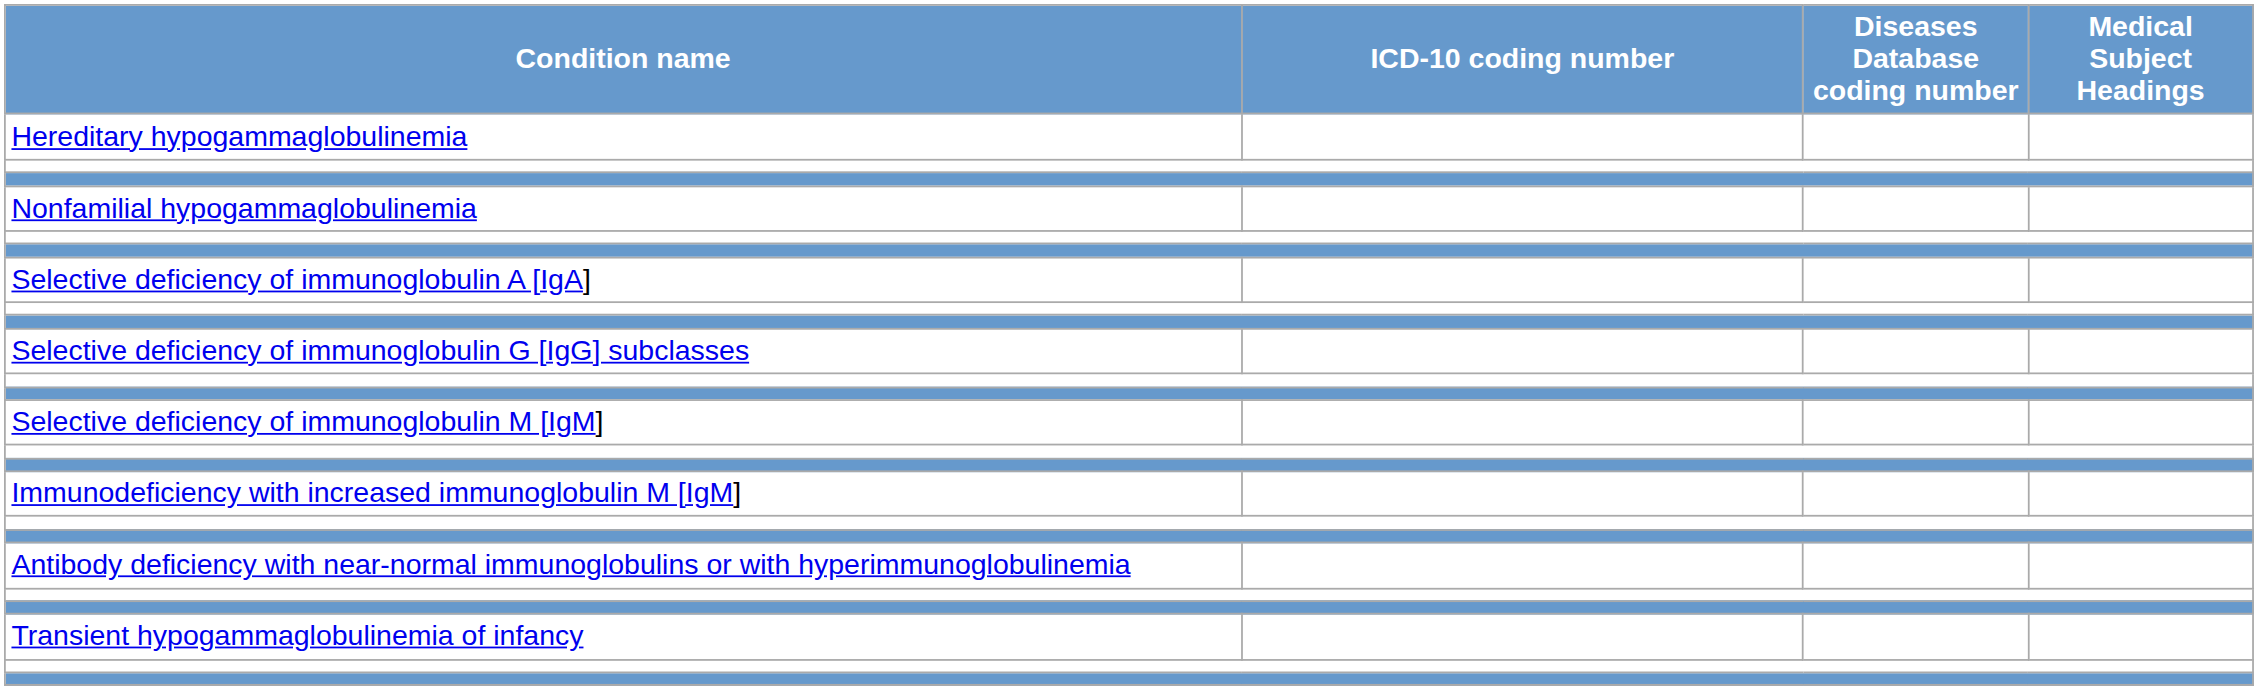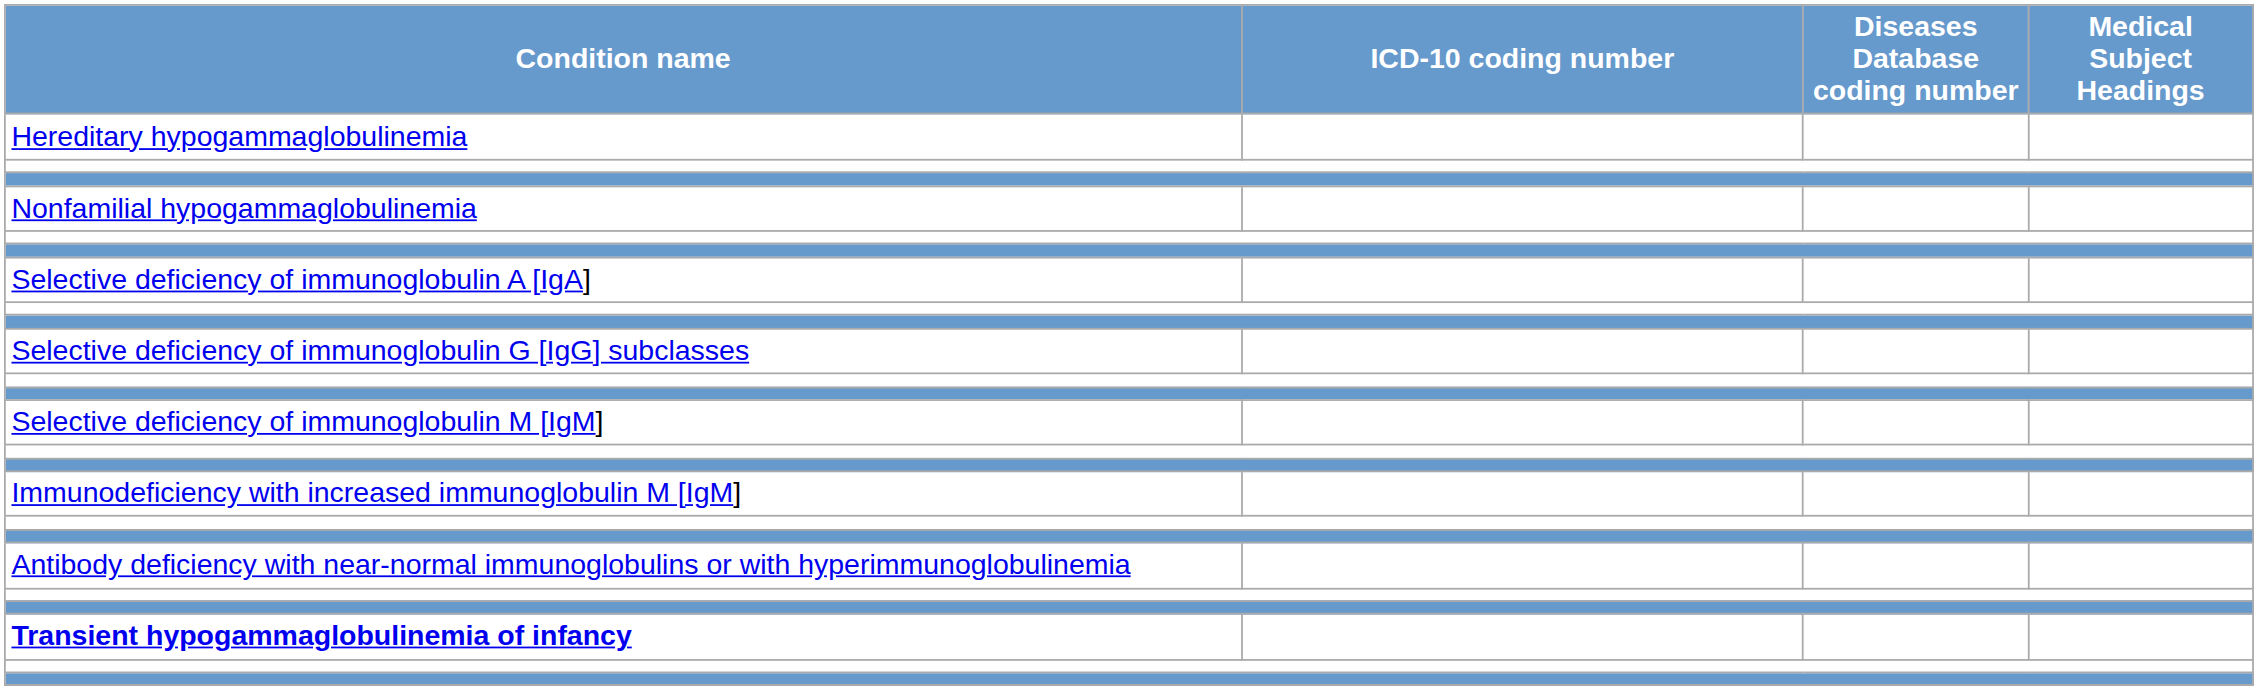 <table class="wikitable" style="width:100%; margin-right:auto; background: #FFFFFF;">
 <tr style="color:white">
 <th style="background-color:#6699CC; width:55%">Condition name</th>
 <th style="background-color:#6699CC; width:25%">ICD-10 coding number</th>
 <th style="background-color:#6699CC; width:10%">Diseases Database coding number</th>
 <th style="background-color:#6699CC; width:10%">Medical Subject Headings</th>
 </tr>
 <tr>
 <td><a href='#'>Hereditary hypogammaglobulinemia</a></td>
 <td></td>
 <td></td>
 <td></td>
 </tr>
 <tr>
 <td colspan="6"></td>
 </tr>
 <tr>
 <td colspan="6" bgcolor="#6699CC"></td>
 </tr>
 <tr>
 <td><a href='#'>Nonfamilial hypogammaglobulinemia</a></td>
 <td></td>
 <td></td>
 <td></td>
 </tr>
 <tr>
 <td colspan="6"></td>
 </tr>
 <tr>
 <td colspan="6" bgcolor="#6699CC"></td>
 </tr>
 <tr>
 <td><a href='#'>Selective deficiency of immunoglobulin A [IgA</a>]</td>
 <td></td>
 <td></td>
 <td></td>
 </tr>
 <tr>
 <td colspan="6"></td>
 </tr>
 <tr>
 <td colspan="6" bgcolor="#6699CC"></td>
 </tr>
 <tr>
 <td><a href='#'>Selective deficiency of immunoglobulin G [IgG] subclasses</a></td>
 <td></td>
 <td></td>
 <td></td>
 </tr>
 <tr>
 <td colspan="6"></td>
 </tr>
 <tr>
 <td colspan="6" bgcolor="#6699CC"></td>
 </tr>
 <tr>
 <td><a href='#'>Selective deficiency of immunoglobulin M [IgM</a>]</td>
 <td></td>
 <td></td>
 <td></td>
 </tr>
 <tr>
 <td colspan="6"></td>
 </tr>
 <tr>
 <td colspan="6" bgcolor="#6699CC"></td>
 </tr>
 <tr>
 <td><a href='#'>Immunodeficiency with increased immunoglobulin M [IgM</a>]</td>
 <td></td>
 <td></td>
 <td></td>
 </tr>
 <tr>
 <td colspan="6"></td>
 </tr>
 <tr>
 <td colspan="6" bgcolor="#6699CC"></td>
 </tr>
 <tr>
 <td><a href='#'>Antibody deficiency with near-normal immunoglobulins or with hyperimmunoglobulinemia</a></td>
 <td></td>
 <td></td>
 <td></td>
 </tr>
 <tr>
 <td colspan="6"></td>
 </tr>
 <tr>
 <td colspan="6" bgcolor="#6699CC"></td>
 </tr>
 <tr>
-<td><a href='#'>Transient hypogammaglobulinemia of infancy</a></td>
+<td><strong><a href='#'>Transient hypogammaglobulinemia of infancy</a></strong></td>
 <td></td>
 <td></td>
 <td></td>
 </tr>
 <tr>
 <td colspan="6"></td>
 </tr>
 <tr>
 <td colspan="6" bgcolor="#6699CC"></td>
 </tr>
 <tr>
 </tr>
 </table>
